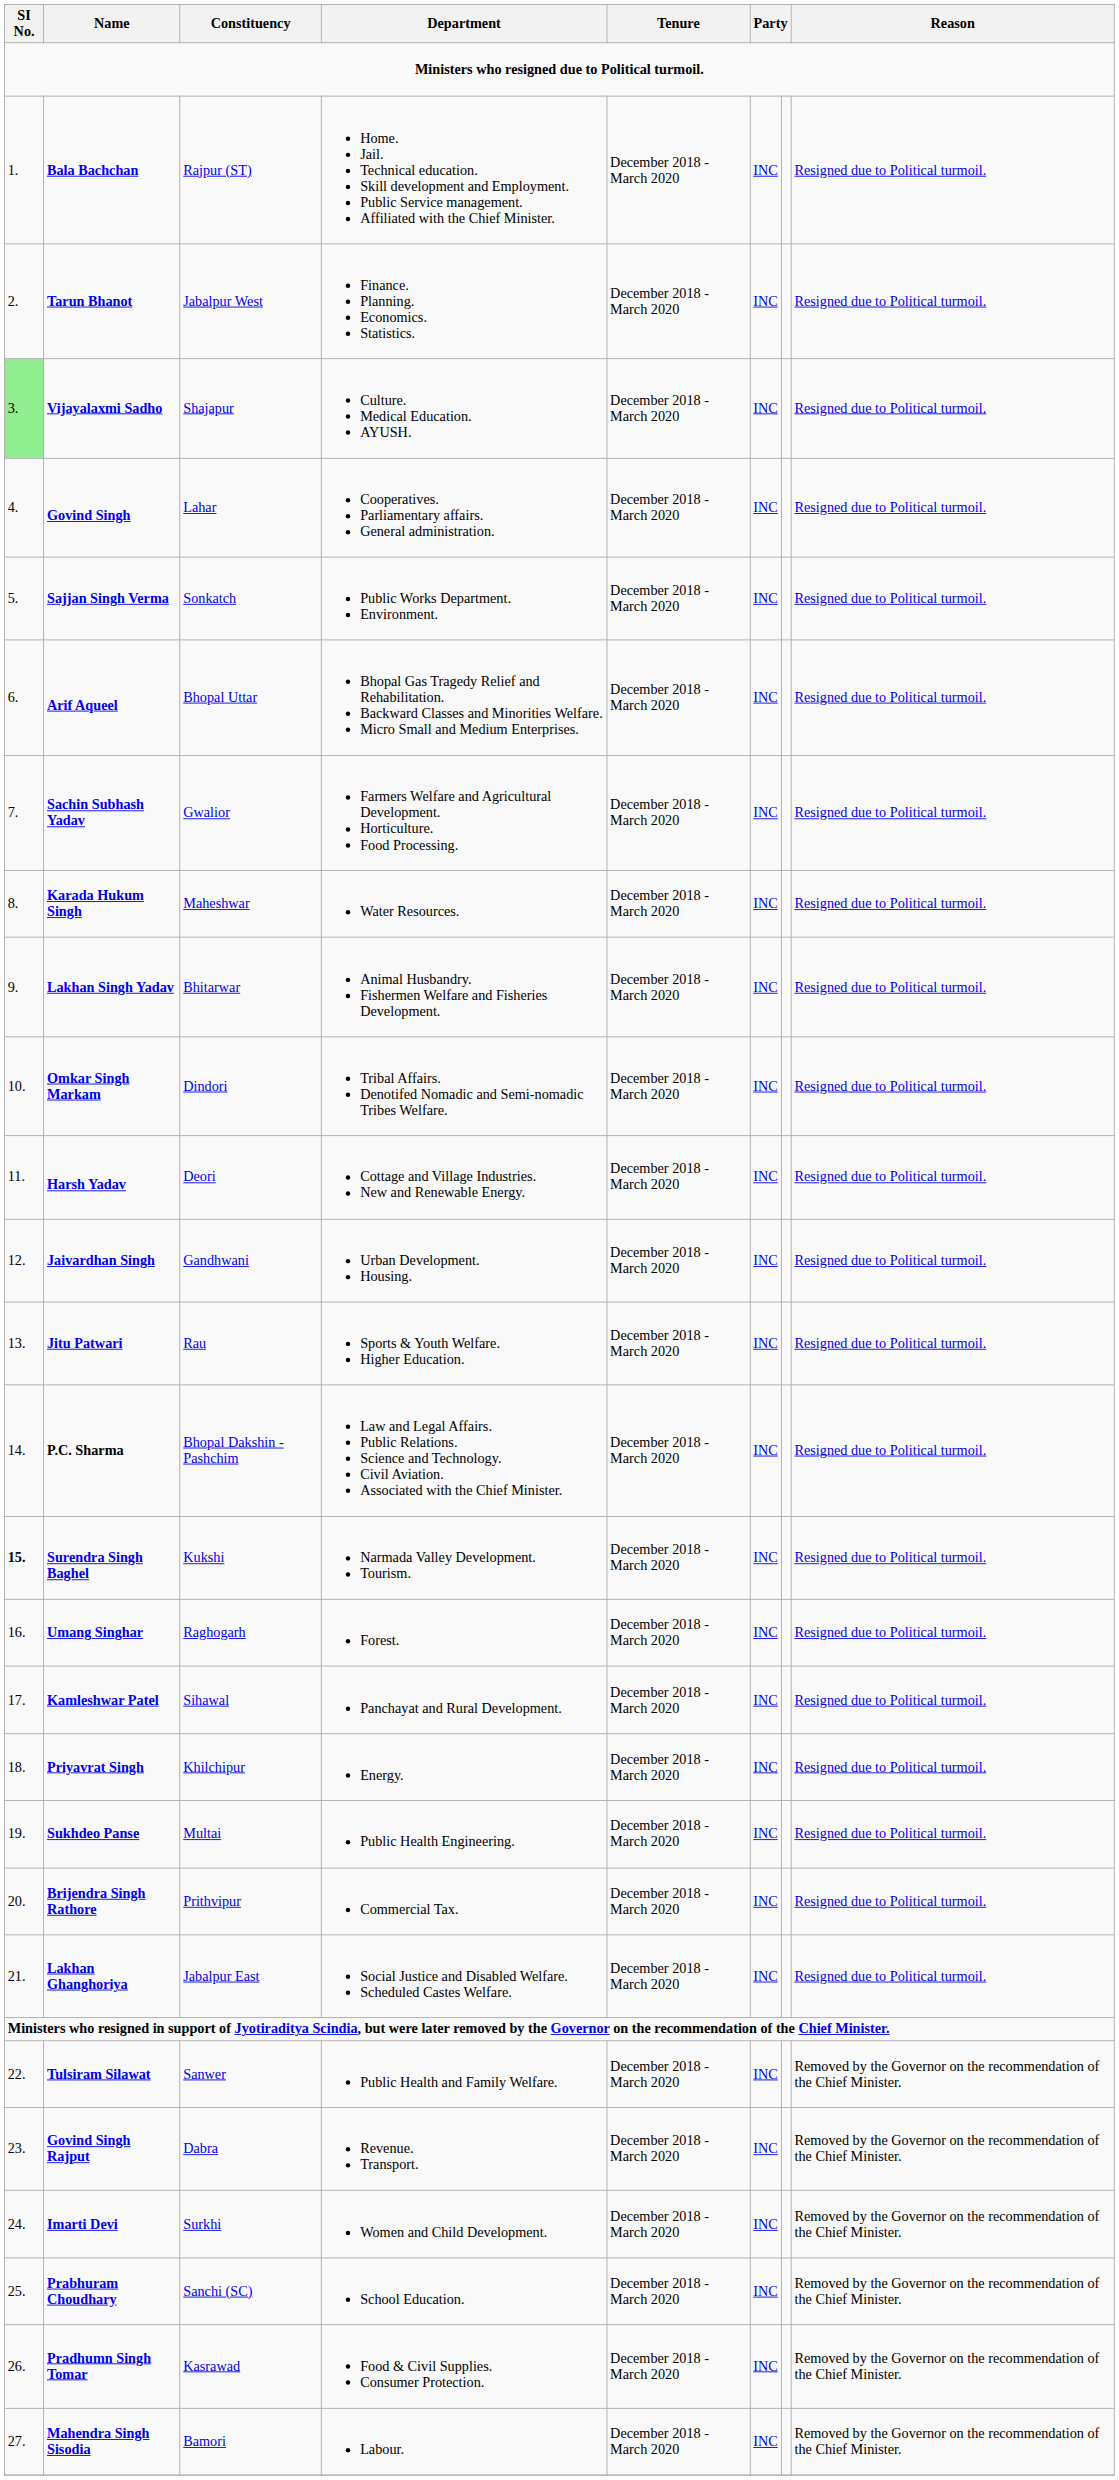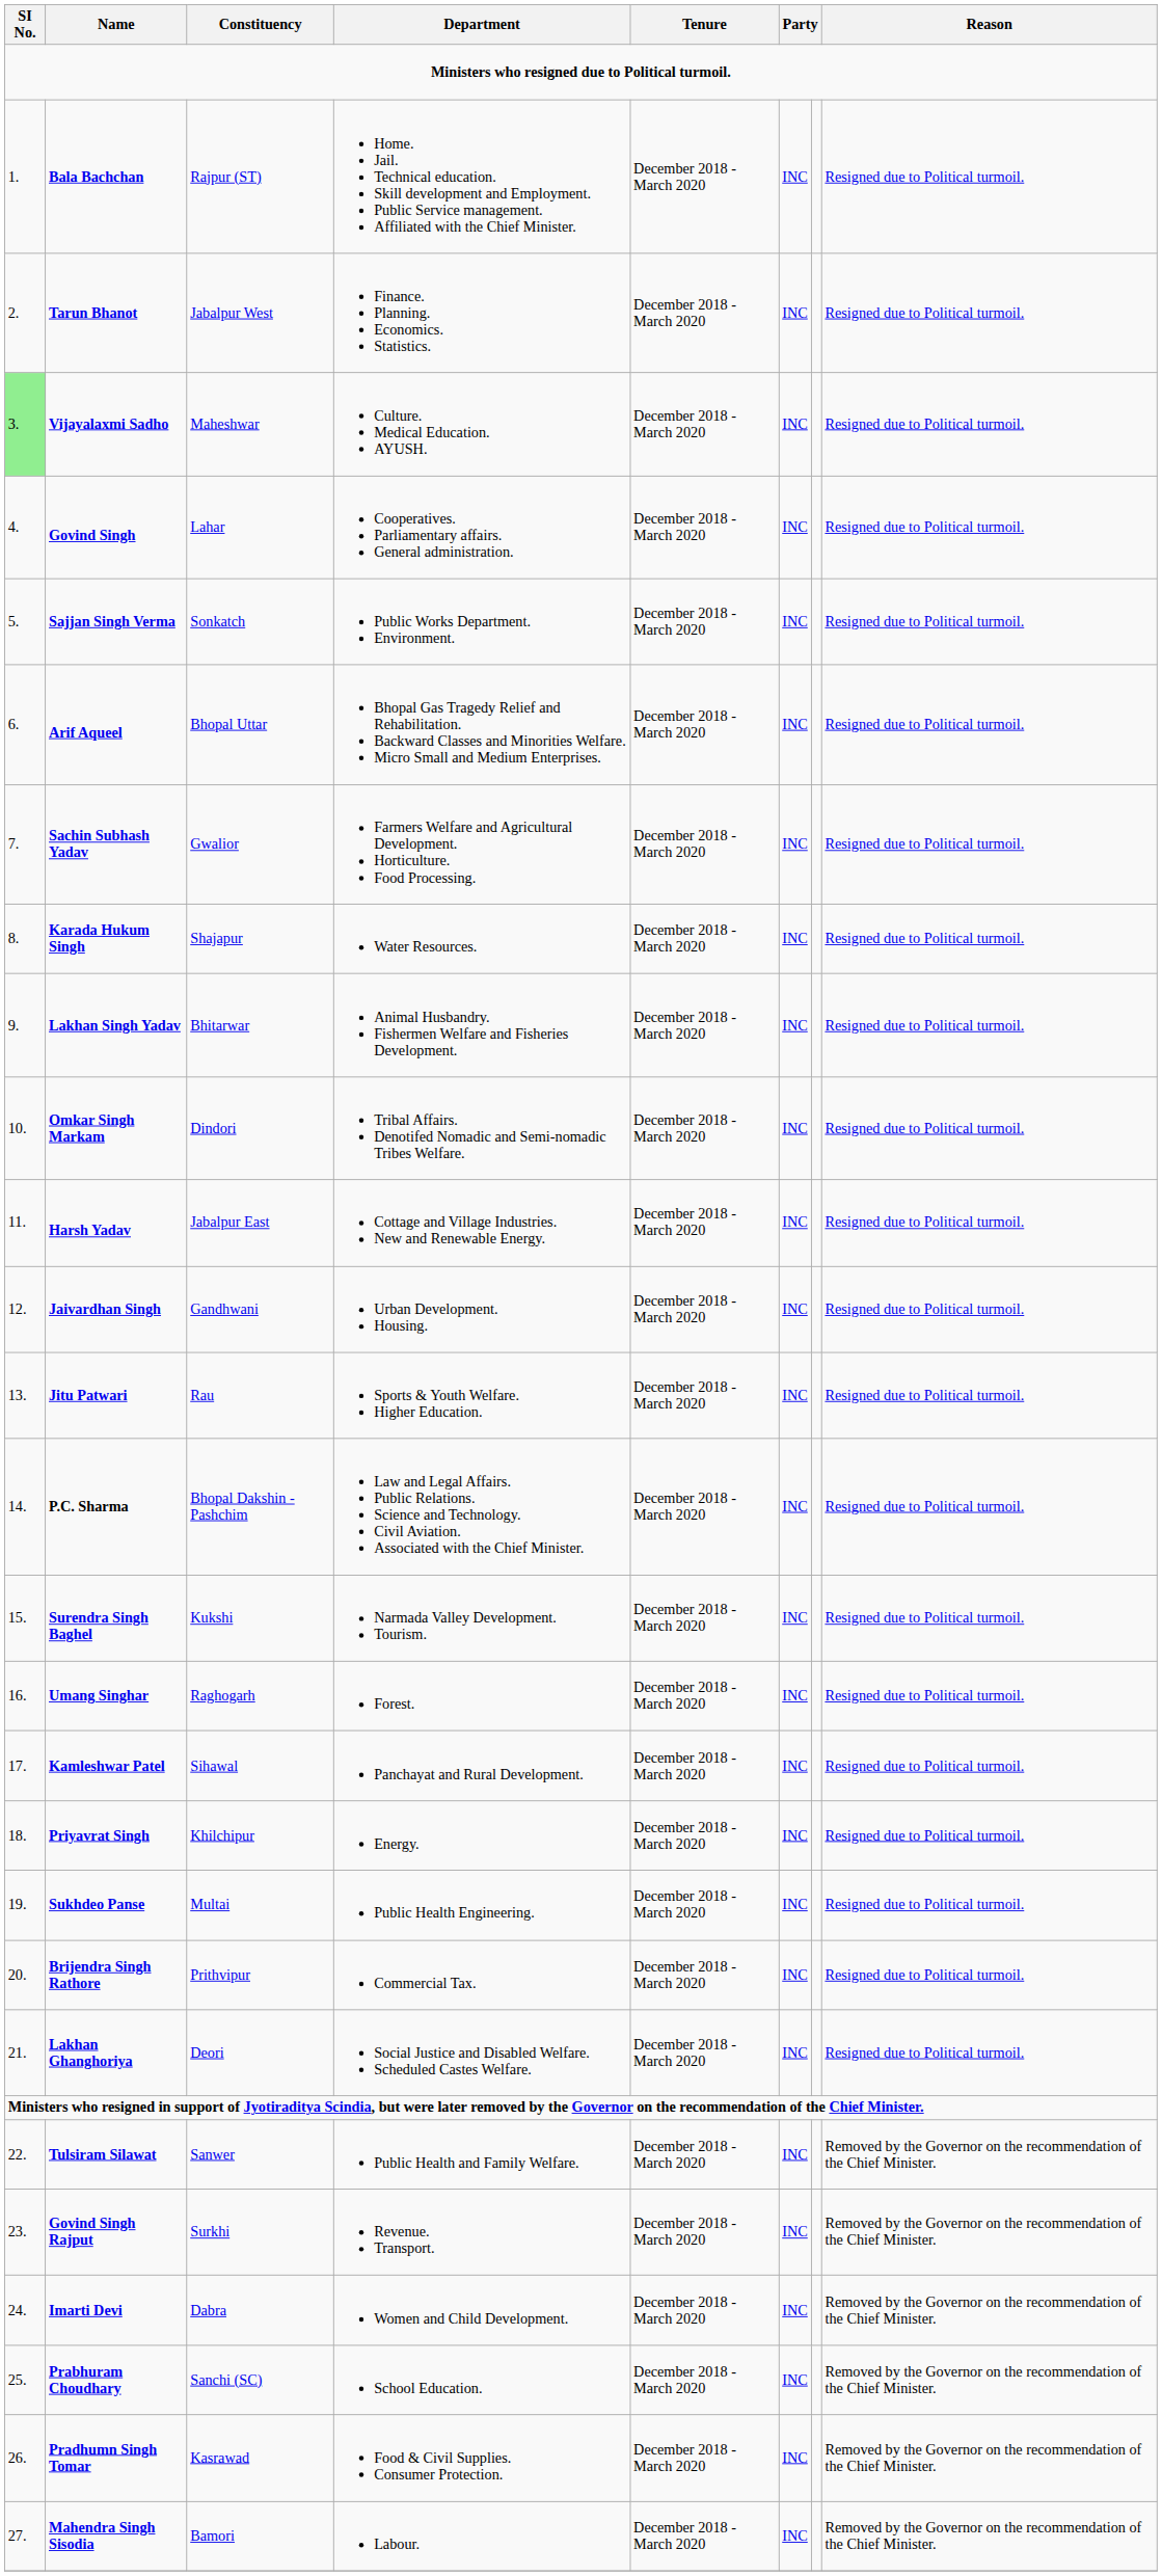 <table class="wikitable sortable">
 <tr>
 <th>SI No.</th>
 <th>Name</th>
 <th>Constituency</th>
 <th>Department</th>
 <th>Tenure</th>
 <th colspan="2" scope="col">Party</th>
 <th>Reason</th>
 </tr>
 <tr style="text-align:center; height:60px;">
 <td colspan=8><strong>Ministers who resigned due to Political turmoil.</strong></td>
 </tr>
 <tr>
 <td>1.</td>
 <td><strong><a href='#'>Bala Bachchan</a></strong></td>
 <td><a href='#'>Rajpur (ST)</a></td>
 <td><br><ul><li>Home.</li><li>Jail.</li><li>Technical education.</li><li>Skill development and Employment.</li><li>Public Service management.</li><li>Affiliated with the Chief Minister.</li></ul></td>
 <td>December 2018 - March 2020</td>
 <td><a href='#'>INC</a></td>
 <td width="4px"></td>
 <td><a href='#'>Resigned due to Political turmoil.</a></td>
 </tr>
 <tr>
 <td>2.</td>
 <td><strong><a href='#'>Tarun Bhanot</a></strong></td>
 <td><a href='#'>Jabalpur West</a></td>
 <td><br><ul><li>Finance.</li><li>Planning.</li><li>Economics.</li><li>Statistics.</li></ul></td>
 <td>December 2018 - March 2020</td>
 <td><a href='#'>INC</a></td>
 <td width="4px"></td>
 <td><a href='#'>Resigned due to Political turmoil.</a></td>
 </tr>
 <tr>
 <td style="background: lightgreen;">3.</td>
 <td> <strong><a href='#'>Vijayalaxmi Sadho</a></strong></td>
-<td><a href='#'>Shajapur</a></td>
+<td><a href='#'>Maheshwar</a></td>
 <td><br><ul><li>Culture.</li><li>Medical Education.</li><li>AYUSH.</li></ul></td>
 <td>December 2018 - March 2020</td>
 <td><a href='#'>INC</a></td>
 <td width="4px"></td>
 <td><a href='#'>Resigned due to Political turmoil.</a></td>
 </tr>
 <tr>
 <td>4.</td>
 <td><br><strong><a href='#'>Govind Singh</a></strong></td>
 <td><a href='#'>Lahar</a></td>
 <td><br><ul><li>Cooperatives.</li><li>Parliamentary affairs.</li><li>General administration.</li></ul></td>
 <td>December 2018 - March 2020</td>
 <td><a href='#'>INC</a></td>
 <td width="4px"></td>
 <td><a href='#'>Resigned due to Political turmoil.</a></td>
 </tr>
 <tr>
 <td>5.</td>
 <td><strong><a href='#'>Sajjan Singh Verma</a></strong></td>
 <td><a href='#'>Sonkatch</a></td>
 <td><br><ul><li>Public Works Department.</li><li>Environment.</li></ul></td>
 <td>December 2018 - March 2020</td>
 <td><a href='#'>INC</a></td>
 <td width="4px"></td>
 <td><a href='#'>Resigned due to Political turmoil.</a></td>
 </tr>
 <tr>
 <td>6.</td>
 <td><br><strong><a href='#'>Arif Aqueel</a></strong></td>
 <td><a href='#'>Bhopal Uttar</a></td>
 <td><br><ul><li>Bhopal Gas Tragedy Relief and Rehabilitation.</li><li>Backward Classes and Minorities Welfare.</li><li>Micro Small and Medium Enterprises.</li></ul></td>
 <td>December 2018 - March 2020</td>
 <td><a href='#'>INC</a></td>
 <td width="4px"></td>
 <td><a href='#'>Resigned due to Political turmoil.</a></td>
 </tr>
 <tr>
 <td>7.</td>
 <td><strong><a href='#'>Sachin Subhash Yadav</a></strong></td>
 <td><a href='#'>Gwalior</a></td>
 <td><br><ul><li>Farmers Welfare and Agricultural Development.</li><li>Horticulture.</li><li>Food Processing.</li></ul></td>
 <td>December 2018 - March 2020</td>
 <td><a href='#'>INC</a></td>
 <td width="4px"></td>
 <td><a href='#'>Resigned due to Political turmoil.</a></td>
 </tr>
 <tr>
 <td>8.</td>
 <td><strong><a href='#'>Karada Hukum Singh</a></strong></td>
-<td><a href='#'>Maheshwar</a></td>
+<td><a href='#'>Shajapur</a></td>
 <td><br><ul><li>Water Resources.</li></ul></td>
 <td>December 2018 - March 2020</td>
 <td><a href='#'>INC</a></td>
 <td width="4px"></td>
 <td><a href='#'>Resigned due to Political turmoil.</a></td>
 </tr>
 <tr>
 <td>9.</td>
 <td><strong><a href='#'>Lakhan Singh Yadav</a></strong></td>
 <td><a href='#'>Bhitarwar</a></td>
 <td><br><ul><li>Animal Husbandry.</li><li>Fishermen Welfare and Fisheries Development.</li></ul></td>
 <td>December 2018 - March 2020</td>
 <td><a href='#'>INC</a></td>
 <td width="4px"></td>
 <td><a href='#'>Resigned due to Political turmoil.</a></td>
 </tr>
 <tr>
 <td>10.</td>
 <td><strong><a href='#'>Omkar Singh Markam</a></strong></td>
 <td><a href='#'>Dindori</a></td>
 <td><br><ul><li>Tribal Affairs.</li><li>Denotifed Nomadic and Semi-nomadic Tribes Welfare.</li></ul></td>
 <td>December 2018 - March 2020</td>
 <td><a href='#'>INC</a></td>
 <td width="4px"></td>
 <td><a href='#'>Resigned due to Political turmoil.</a></td>
 </tr>
 <tr>
 <td>11.</td>
 <td><br><strong><a href='#'>Harsh Yadav</a></strong></td>
-<td><a href='#'>Deori</a></td>
+<td><a href='#'>Jabalpur East</a></td>
 <td><br><ul><li>Cottage and Village Industries.</li><li>New and Renewable Energy.</li></ul></td>
 <td>December 2018 - March 2020</td>
 <td><a href='#'>INC</a></td>
 <td width="4px"></td>
 <td><a href='#'>Resigned due to Political turmoil.</a></td>
 </tr>
 <tr>
 <td>12.</td>
 <td><strong><a href='#'>Jaivardhan Singh</a></strong></td>
 <td><a href='#'>Gandhwani</a></td>
 <td><br><ul><li>Urban Development.</li><li>Housing.</li></ul></td>
 <td>December 2018 - March 2020</td>
 <td><a href='#'>INC</a></td>
 <td width="4px"></td>
 <td><a href='#'>Resigned due to Political turmoil.</a></td>
 </tr>
 <tr>
 <td>13.</td>
 <td><strong><a href='#'>Jitu Patwari</a></strong></td>
 <td><a href='#'>Rau</a></td>
 <td><br><ul><li>Sports & Youth Welfare.</li><li>Higher Education.</li></ul></td>
 <td>December 2018 - March 2020</td>
 <td><a href='#'>INC</a></td>
 <td width="4px"></td>
 <td><a href='#'>Resigned due to Political turmoil.</a></td>
 </tr>
 <tr>
 <td>14.</td>
 <td><strong>P.C. Sharma</strong></td>
 <td><a href='#'>Bhopal Dakshin - Pashchim</a></td>
 <td><br><ul><li>Law and Legal Affairs.</li><li>Public Relations.</li><li>Science and Technology.</li><li>Civil Aviation.</li><li>Associated with the Chief Minister.</li></ul></td>
 <td>December 2018 - March 2020</td>
 <td><a href='#'>INC</a></td>
 <td width="4px"></td>
 <td><a href='#'>Resigned due to Political turmoil.</a></td>
 </tr>
 <tr>
-<td><strong>15.</strong></td>
+<td>15.</td>
 <td><br><strong><a href='#'>Surendra Singh Baghel</a></strong></td>
 <td><a href='#'>Kukshi</a></td>
 <td><br><ul><li>Narmada Valley Development.</li><li>Tourism.</li></ul></td>
 <td>December 2018 - March 2020</td>
 <td><a href='#'>INC</a></td>
 <td width="4px"></td>
 <td><a href='#'>Resigned due to Political turmoil.</a></td>
 </tr>
 <tr>
 <td>16.</td>
 <td><strong><a href='#'>Umang Singhar</a></strong></td>
 <td><a href='#'>Raghogarh</a></td>
 <td><br><ul><li>Forest.</li></ul></td>
 <td>December 2018 - March 2020</td>
 <td><a href='#'>INC</a></td>
 <td width="4px"></td>
 <td><a href='#'>Resigned due to Political turmoil.</a></td>
 </tr>
 <tr>
 <td>17.</td>
 <td><strong><a href='#'>Kamleshwar Patel</a></strong></td>
 <td><a href='#'>Sihawal</a></td>
 <td><br><ul><li>Panchayat and Rural Development.</li></ul></td>
 <td>December 2018 - March 2020</td>
 <td><a href='#'>INC</a></td>
 <td width="4px"></td>
 <td><a href='#'>Resigned due to Political turmoil.</a></td>
 </tr>
 <tr>
 <td>18.</td>
 <td><strong><a href='#'>Priyavrat Singh</a></strong></td>
 <td><a href='#'>Khilchipur</a></td>
 <td><br><ul><li>Energy.</li></ul></td>
 <td>December 2018 - March 2020</td>
 <td><a href='#'>INC</a></td>
 <td width="4px"></td>
 <td><a href='#'>Resigned due to Political turmoil.</a></td>
 </tr>
 <tr>
 <td>19.</td>
 <td><strong><a href='#'>Sukhdeo Panse</a></strong></td>
 <td><a href='#'>Multai</a></td>
 <td><br><ul><li>Public Health Engineering.</li></ul></td>
 <td>December 2018 - March 2020</td>
 <td><a href='#'>INC</a></td>
 <td width="4px"></td>
 <td><a href='#'>Resigned due to Political turmoil.</a></td>
 </tr>
 <tr>
 <td>20.</td>
 <td><strong><a href='#'>Brijendra Singh Rathore</a></strong></td>
 <td><a href='#'>Prithvipur</a></td>
 <td><br><ul><li>Commercial Tax.</li></ul></td>
 <td>December 2018 - March 2020</td>
 <td><a href='#'>INC</a></td>
 <td width="4px"></td>
 <td><a href='#'>Resigned due to Political turmoil.</a></td>
 </tr>
 <tr>
 <td>21.</td>
 <td><strong><a href='#'>Lakhan Ghanghoriya</a></strong></td>
-<td><a href='#'>Jabalpur East</a></td>
+<td><a href='#'>Deori</a></td>
 <td><br><ul><li>Social Justice and Disabled Welfare.</li><li>Scheduled Castes Welfare.</li></ul></td>
 <td>December 2018 - March 2020</td>
 <td><a href='#'>INC</a></td>
 <td width="4px"></td>
 <td><a href='#'>Resigned due to Political turmoil.</a></td>
 </tr>
 <tr>
 <td colspan=8><strong>Ministers who resigned in support of <a href='#'>Jyotiraditya Scindia</a>, but were later removed by the <a href='#'>Governor</a> on the recommendation of the <a href='#'>Chief Minister.</a></strong></td>
 </tr>
 <tr>
 <td>22.</td>
 <td><strong><a href='#'>Tulsiram Silawat</a></strong></td>
 <td><a href='#'>Sanwer</a></td>
 <td><br><ul><li>Public Health and Family Welfare.</li></ul></td>
 <td>December 2018 - March 2020</td>
 <td><a href='#'>INC</a></td>
 <td width="4px"></td>
 <td>Removed by the Governor on the recommendation of the Chief Minister.</td>
 </tr>
 <tr>
 <td>23.</td>
 <td><strong><a href='#'>Govind Singh Rajput</a></strong></td>
-<td><a href='#'>Dabra</a></td>
+<td><a href='#'>Surkhi</a></td>
 <td><br><ul><li>Revenue.</li><li>Transport.</li></ul></td>
 <td>December 2018 - March 2020</td>
 <td><a href='#'>INC</a></td>
 <td width="4px"></td>
 <td>Removed by the Governor on the recommendation of the Chief Minister.</td>
 </tr>
 <tr>
 <td>24.</td>
 <td><strong><a href='#'>Imarti Devi</a></strong></td>
-<td><a href='#'>Surkhi</a></td>
+<td><a href='#'>Dabra</a></td>
 <td><br><ul><li>Women and Child Development.</li></ul></td>
 <td>December 2018 - March 2020</td>
 <td><a href='#'>INC</a></td>
 <td width="4px"></td>
 <td>Removed by the Governor on the recommendation of the Chief Minister.</td>
 </tr>
 <tr>
 <td>25.</td>
 <td><strong><a href='#'>Prabhuram Choudhary</a></strong></td>
 <td><a href='#'>Sanchi (SC)</a></td>
 <td><br><ul><li>School Education.</li></ul></td>
 <td>December 2018 - March 2020</td>
 <td><a href='#'>INC</a></td>
 <td width="4px"></td>
 <td>Removed by the Governor on the recommendation of the Chief Minister.</td>
 </tr>
 <tr>
 <td>26.</td>
 <td><strong><a href='#'>Pradhumn Singh Tomar</a></strong></td>
 <td><a href='#'>Kasrawad</a></td>
 <td><br><ul><li>Food & Civil Supplies.</li><li>Consumer Protection.</li></ul></td>
 <td>December 2018 - March 2020</td>
 <td><a href='#'>INC</a></td>
 <td width="4px"></td>
 <td>Removed by the Governor on the recommendation of the Chief Minister.</td>
 </tr>
 <tr>
 <td>27.</td>
 <td><strong><a href='#'>Mahendra Singh Sisodia</a></strong></td>
 <td><a href='#'>Bamori</a></td>
 <td><br><ul><li>Labour.</li></ul></td>
 <td>December 2018 - March 2020</td>
 <td><a href='#'>INC</a></td>
 <td width="4px"></td>
 <td>Removed by the Governor on the recommendation of the Chief Minister.</td>
 </tr>
 <tr>
 </tr>
 </table>
